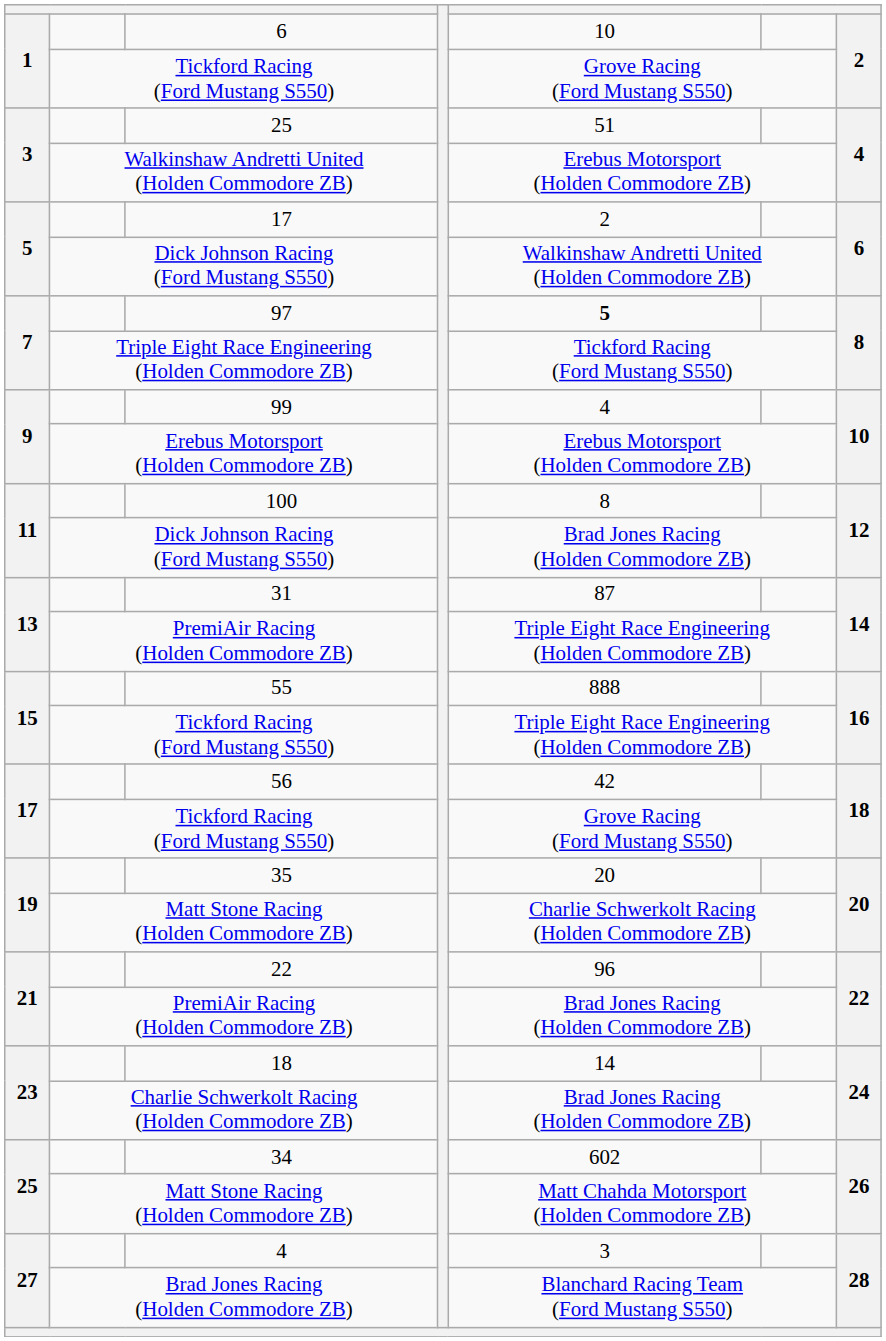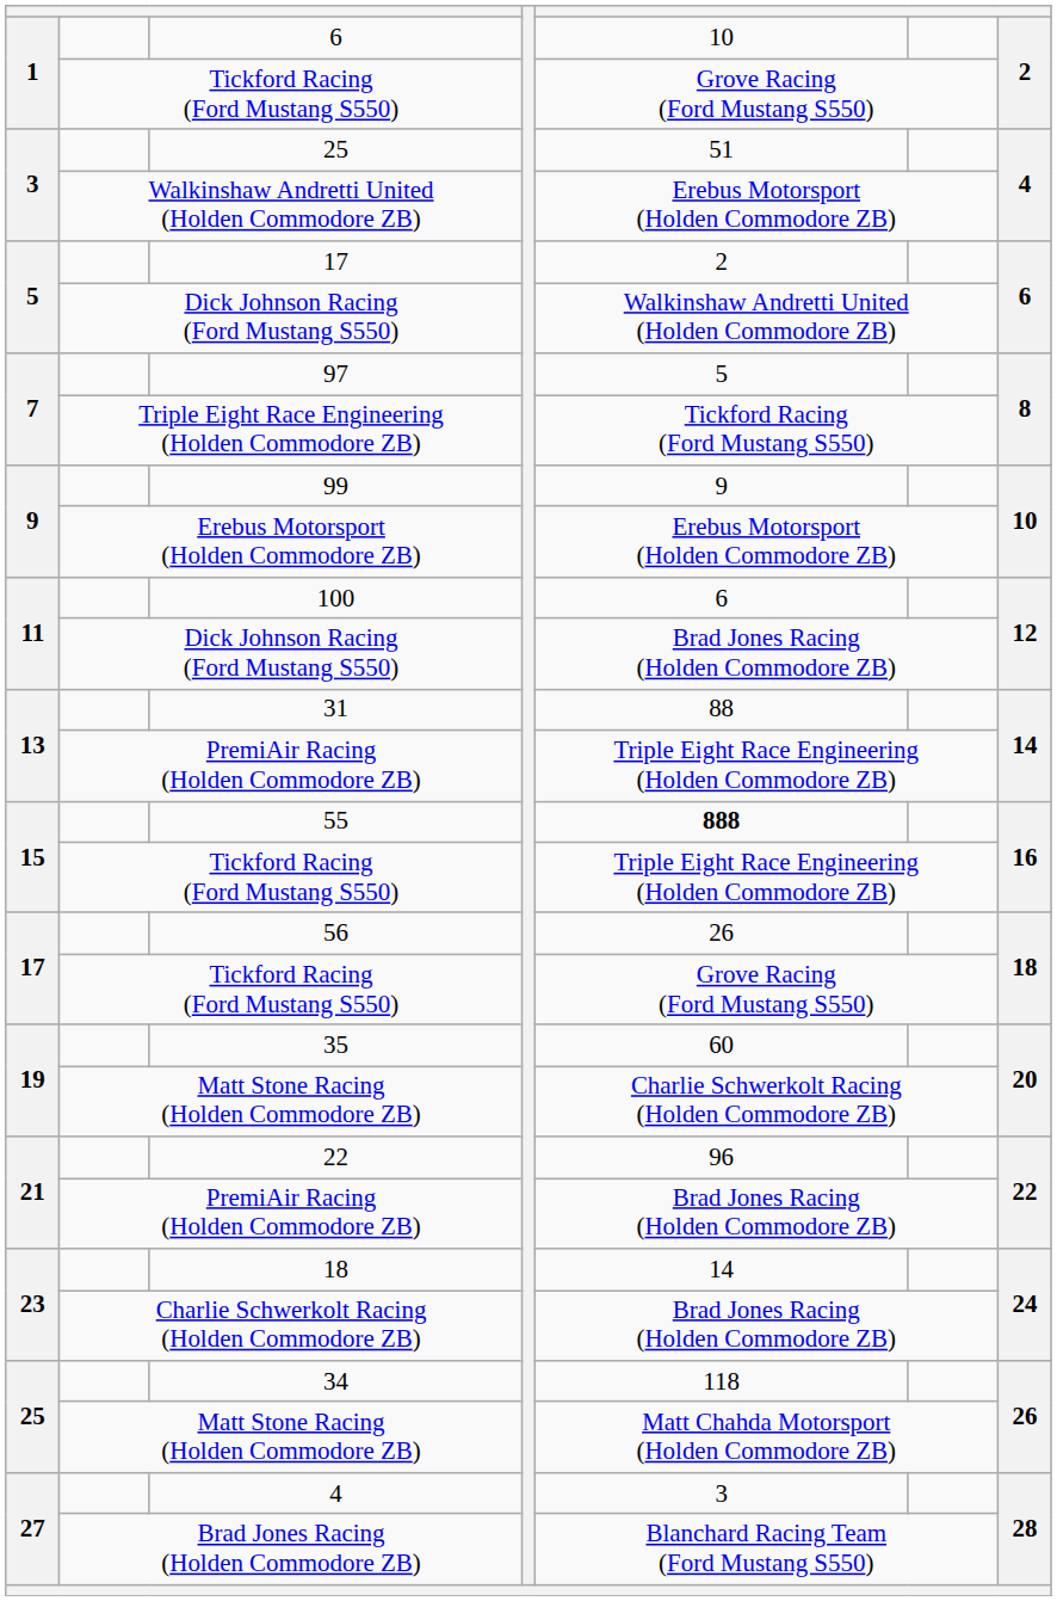 <table class="wikitable" style="font-size: 85%;">
 <tr>
 <th colspan="3" width="275px"></th>
 <th rowspan="29"></th>
 <th colspan="3" width="275px"></th>
 </tr>
 <tr>
 <th rowspan="2">1</th>
 <td align="left"><br></td>
 <td align="center">6</td>
 <td align="center">10</td>
 <td align="left"><br></td>
 <th rowspan="2">2</th>
 </tr>
 <tr>
 <td colspan="2" align="center"><a href='#'>Tickford Racing</a><br>(<a href='#'>Ford Mustang S550</a>)</td>
 <td colspan="2" align="center"><a href='#'>Grove Racing</a><br>(<a href='#'>Ford Mustang S550</a>)</td>
 </tr>
 <tr>
 <th rowspan="2">3</th>
 <td align="left"><br></td>
 <td align="center">25</td>
 <td align="center">51</td>
 <td align="left"><br></td>
 <th rowspan="2">4</th>
 </tr>
 <tr>
 <td colspan="2" align="center"><a href='#'>Walkinshaw Andretti United</a><br>(<a href='#'>Holden Commodore ZB</a>)</td>
 <td colspan="2" align="center"><a href='#'>Erebus Motorsport</a><br>(<a href='#'>Holden Commodore ZB</a>)</td>
 </tr>
 <tr>
 <th rowspan="2">5</th>
 <td align="left"><br></td>
 <td align="center">17</td>
 <td align="center">2</td>
 <td align="left"><br></td>
 <th rowspan="2">6</th>
 </tr>
 <tr>
 <td colspan="2" align="center"><a href='#'>Dick Johnson Racing</a><br>(<a href='#'>Ford Mustang S550</a>)</td>
 <td colspan="2" align="center"><a href='#'>Walkinshaw Andretti United</a><br>(<a href='#'>Holden Commodore ZB</a>)</td>
 </tr>
 <tr>
 <th rowspan="2">7</th>
 <td align="left"><br></td>
 <td align="center">97</td>
-<td align="center"><strong>5</strong></td>
+<td align="center">5</td>
 <td align="left"><br></td>
 <th rowspan="2">8</th>
 </tr>
 <tr>
 <td colspan="2" align="center"><a href='#'>Triple Eight Race Engineering</a><br>(<a href='#'>Holden Commodore ZB</a>)</td>
 <td colspan="2" align="center"><a href='#'>Tickford Racing</a><br>(<a href='#'>Ford Mustang S550</a>)</td>
 </tr>
 <tr>
 <th rowspan="2">9</th>
 <td align="left"><br></td>
 <td align="center">99</td>
-<td align="center">4</td>
+<td align="center">9</td>
 <td align="left"><br></td>
 <th rowspan="2">10</th>
 </tr>
 <tr>
 <td colspan="2" align="center"><a href='#'>Erebus Motorsport</a><br>(<a href='#'>Holden Commodore ZB</a>)</td>
 <td colspan="2" align="center"><a href='#'>Erebus Motorsport</a><br>(<a href='#'>Holden Commodore ZB</a>)</td>
 </tr>
 <tr>
 <th rowspan="2">11</th>
 <td align="left"><br></td>
 <td align="center">100</td>
-<td align="center">8</td>
+<td align="center">6</td>
 <td align="left"><br></td>
 <th rowspan="2">12</th>
 </tr>
 <tr>
 <td colspan="2" align="center"><a href='#'>Dick Johnson Racing</a><br>(<a href='#'>Ford Mustang S550</a>)</td>
 <td colspan="2" align="center"><a href='#'>Brad Jones Racing</a><br>(<a href='#'>Holden Commodore ZB</a>)</td>
 </tr>
 <tr>
 <th rowspan="2">13</th>
 <td align="left"><br></td>
 <td align="center">31</td>
-<td align="center">87</td>
+<td align="center">88</td>
 <td align="left"><br></td>
 <th rowspan="2">14</th>
 </tr>
 <tr>
 <td colspan="2" align="center"><a href='#'>PremiAir Racing</a><br>(<a href='#'>Holden Commodore ZB</a>)</td>
 <td colspan="2" align="center"><a href='#'>Triple Eight Race Engineering</a><br>(<a href='#'>Holden Commodore ZB</a>)</td>
 </tr>
 <tr>
 <th rowspan="2">15</th>
 <td align="left"><br></td>
 <td align="center">55</td>
-<td align="center">888</td>
+<td align="center"><strong>888</strong></td>
 <td align="left"><br></td>
 <th rowspan="2">16</th>
 </tr>
 <tr>
 <td colspan="2" align="center"><a href='#'>Tickford Racing</a><br>(<a href='#'>Ford Mustang S550</a>)</td>
 <td colspan="2" align="center"><a href='#'>Triple Eight Race Engineering</a><br>(<a href='#'>Holden Commodore ZB</a>)</td>
 </tr>
 <tr>
 <th rowspan="2">17</th>
 <td align="left"><br></td>
 <td align="center">56</td>
-<td align="center">42</td>
+<td align="center">26</td>
 <td align="left"><br></td>
 <th rowspan="2">18</th>
 </tr>
 <tr>
 <td colspan="2" align="center"><a href='#'>Tickford Racing</a><br>(<a href='#'>Ford Mustang S550</a>)</td>
 <td colspan="2" align="center"><a href='#'>Grove Racing</a><br>(<a href='#'>Ford Mustang S550</a>)</td>
 </tr>
 <tr>
 <th rowspan="2">19</th>
 <td align="left"><br></td>
 <td align="center">35</td>
-<td align="center">20</td>
+<td align="center">60</td>
 <td align="left"><br></td>
 <th rowspan="2">20</th>
 </tr>
 <tr>
 <td colspan="2" align="center"><a href='#'>Matt Stone Racing</a><br>(<a href='#'>Holden Commodore ZB</a>)</td>
 <td colspan="2" align="center"><a href='#'>Charlie Schwerkolt Racing</a><br>(<a href='#'>Holden Commodore ZB</a>)</td>
 </tr>
 <tr>
 <th rowspan="2">21</th>
 <td align="left"><br></td>
 <td align="center">22</td>
 <td align="center">96</td>
 <td align="left"><br></td>
 <th rowspan="2">22</th>
 </tr>
 <tr>
 <td colspan="2" align="center"><a href='#'>PremiAir Racing</a><br>(<a href='#'>Holden Commodore ZB</a>)</td>
 <td colspan="2" align="center"><a href='#'>Brad Jones Racing</a><br>(<a href='#'>Holden Commodore ZB</a>)</td>
 </tr>
 <tr>
 <th rowspan="2">23</th>
 <td align="left"><br></td>
 <td align="center">18</td>
 <td align="center">14</td>
 <td align="left"><br></td>
 <th rowspan="2">24</th>
 </tr>
 <tr>
 <td colspan="2" align="center"><a href='#'>Charlie Schwerkolt Racing</a><br>(<a href='#'>Holden Commodore ZB</a>)</td>
 <td colspan="2" align="center"><a href='#'>Brad Jones Racing</a><br>(<a href='#'>Holden Commodore ZB</a>)</td>
 </tr>
 <tr>
 <th rowspan="2">25</th>
 <td align="left"><br></td>
 <td align="center">34</td>
-<td align="center">602</td>
+<td align="center">118</td>
 <td align="left"><br></td>
 <th rowspan="2">26</th>
 </tr>
 <tr>
 <td colspan="2" align="center"><a href='#'>Matt Stone Racing</a><br>(<a href='#'>Holden Commodore ZB</a>)</td>
 <td colspan="2" align="center"><a href='#'>Matt Chahda Motorsport</a><br>(<a href='#'>Holden Commodore ZB</a>)</td>
 </tr>
 <tr>
 <th rowspan="2">27</th>
 <td><br></td>
 <td align="center">4</td>
 <td align="center">3</td>
 <td><br></td>
 <th rowspan="2">28</th>
 </tr>
 <tr>
 <td colspan="2" align="center"><a href='#'>Brad Jones Racing</a><br>(<a href='#'>Holden Commodore ZB</a>)</td>
 <td colspan="2" align="center"><a href='#'>Blanchard Racing Team</a><br>(<a href='#'>Ford Mustang S550</a>)</td>
 </tr>
 <tr>
 <th colspan="7"></th>
 </tr>
 </table>
